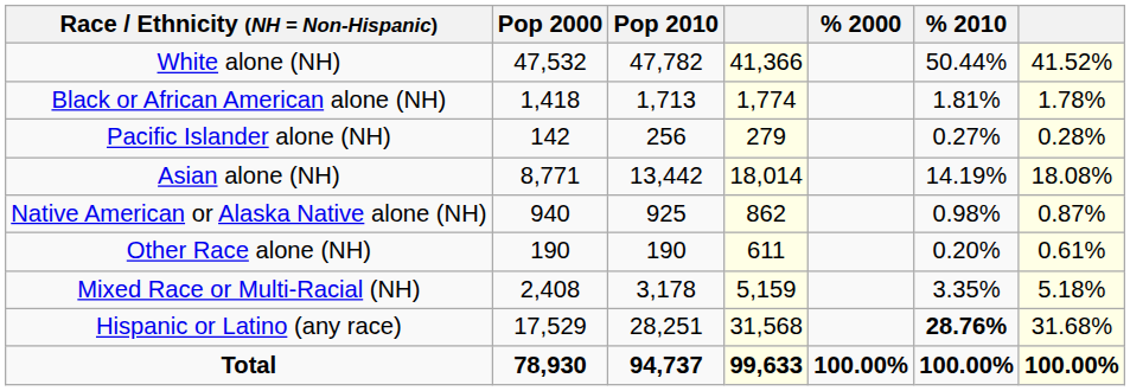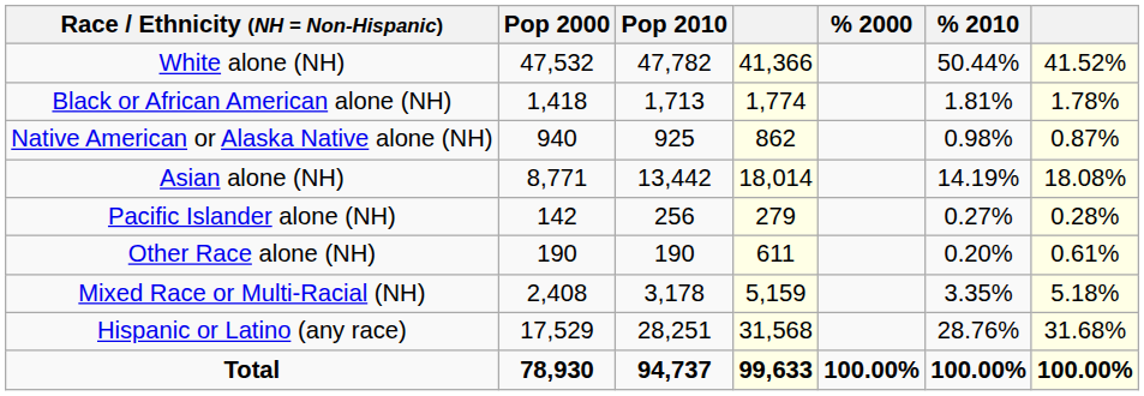 <table class="wikitable" style="text-align:center;">
 <tr>
 <th>Race / Ethnicity <small>(<em>NH = Non-Hispanic</em>)</small></th>
 <th>Pop 2000</th>
 <th>Pop 2010</th>
 <th></th>
 <th>% 2000</th>
 <th>% 2010</th>
 <th></th>
 </tr>
 <tr>
 <td><a href='#'>White</a> alone (NH)</td>
 <td>47,532</td>
 <td>47,782</td>
 <td style='background: #ffffe6;'>41,366</td>
 <td></td>
 <td>50.44%</td>
 <td style='background: #ffffe6;'>41.52%</td>
 </tr>
 <tr>
 <td><a href='#'>Black or African American</a> alone (NH)</td>
 <td>1,418</td>
 <td>1,713</td>
 <td style='background: #ffffe6;'>1,774</td>
 <td></td>
 <td>1.81%</td>
 <td style='background: #ffffe6;'>1.78%</td>
 </tr>
 <tr>
-<td><a href='#'>Pacific Islander</a> alone (NH)</td>
-<td>142</td>
-<td>256</td>
-<td style='background: #ffffe6;'>279</td>
+<td><a href='#'>Native American</a> or <a href='#'>Alaska Native</a> alone (NH)</td>
+<td>940</td>
+<td>925</td>
+<td style='background: #ffffe6;'>862</td>
 <td></td>
-<td>0.27%</td>
-<td style='background: #ffffe6;'>0.28%</td>
+<td>0.98%</td>
+<td style='background: #ffffe6;'>0.87%</td>
 </tr>
 <tr>
 <td><a href='#'>Asian</a> alone (NH)</td>
 <td>8,771</td>
 <td>13,442</td>
 <td style='background: #ffffe6;'>18,014</td>
 <td></td>
 <td>14.19%</td>
 <td style='background: #ffffe6;'>18.08%</td>
 </tr>
 <tr>
-<td><a href='#'>Native American</a> or <a href='#'>Alaska Native</a> alone (NH)</td>
-<td>940</td>
-<td>925</td>
-<td style='background: #ffffe6;'>862</td>
+<td><a href='#'>Pacific Islander</a> alone (NH)</td>
+<td>142</td>
+<td>256</td>
+<td style='background: #ffffe6;'>279</td>
 <td></td>
-<td>0.98%</td>
-<td style='background: #ffffe6;'>0.87%</td>
+<td>0.27%</td>
+<td style='background: #ffffe6;'>0.28%</td>
 </tr>
 <tr>
 <td><a href='#'>Other Race</a> alone (NH)</td>
 <td>190</td>
 <td>190</td>
 <td style='background: #ffffe6;'>611</td>
 <td></td>
 <td>0.20%</td>
 <td style='background: #ffffe6;'>0.61%</td>
 </tr>
 <tr>
 <td><a href='#'>Mixed Race or Multi-Racial</a> (NH)</td>
 <td>2,408</td>
 <td>3,178</td>
 <td style='background: #ffffe6;'>5,159</td>
 <td></td>
 <td>3.35%</td>
 <td style='background: #ffffe6;'>5.18%</td>
 </tr>
 <tr>
 <td><a href='#'>Hispanic or Latino</a> (any race)</td>
 <td>17,529</td>
 <td>28,251</td>
 <td style='background: #ffffe6;'>31,568</td>
 <td></td>
-<td><strong>28.76%</strong></td>
+<td>28.76%</td>
 <td style='background: #ffffe6;'>31.68%</td>
 </tr>
 <tr>
 <td><strong>Total</strong></td>
 <td><strong>78,930</strong></td>
 <td><strong>94,737</strong></td>
 <td style='background: #ffffe6;'><strong>99,633</strong></td>
 <td><strong>100.00%</strong></td>
 <td><strong>100.00%</strong></td>
 <td style='background: #ffffe6;'><strong>100.00%</strong></td>
 </tr>
 </table>
